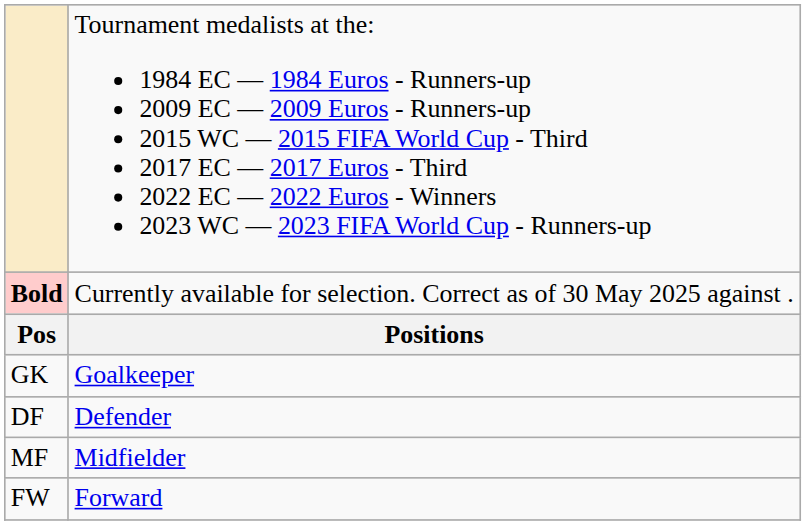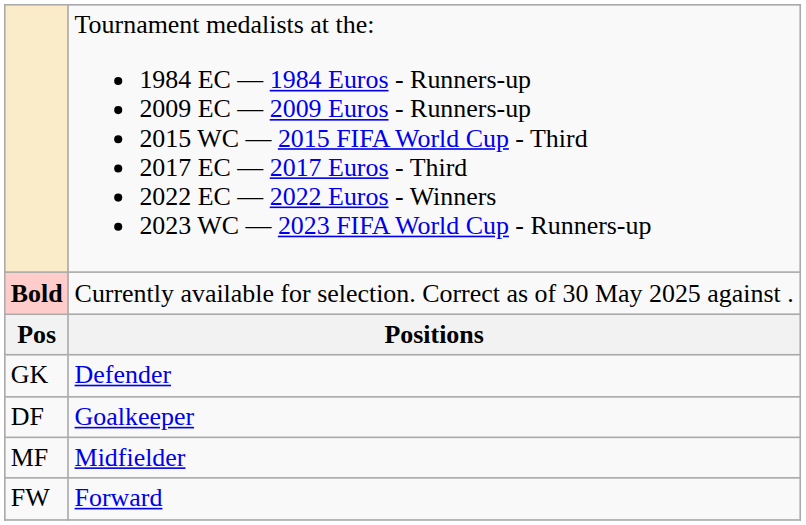 <table class="wikitable">
 <tr>
 <td style="background-color:#faecc8"></td>
 <td>Tournament medalists at the:<br><ul><li>1984 EC — <a href='#'>1984 Euros</a> -  Runners-up</li><li>2009 EC — <a href='#'>2009 Euros</a> -  Runners-up</li><li>2015 WC — <a href='#'>2015 FIFA World Cup</a> -  Third</li><li>2017 EC — <a href='#'>2017 Euros</a> -  Third</li><li>2022 EC — <a href='#'>2022 Euros</a> -  Winners</li><li>2023 WC — <a href='#'>2023 FIFA World Cup</a> -  Runners-up</li></ul></td>
 </tr>
 <tr>
 <td style="background-color:#FFCCCC"><strong>Bold</strong></td>
 <td>Currently available for selection. Correct as of 30 May 2025 against .</td>
 </tr>
 <tr>
 <th>Pos</th>
 <th style="align: left">Positions</th>
 </tr>
 <tr>
 <td>GK</td>
-<td><a href='#'>Goalkeeper</a></td>
+<td><a href='#'>Defender</a></td>
 </tr>
 <tr>
 <td>DF</td>
-<td><a href='#'>Defender</a></td>
+<td><a href='#'>Goalkeeper</a></td>
 </tr>
 <tr>
 <td>MF</td>
 <td><a href='#'>Midfielder</a></td>
 </tr>
 <tr>
 <td>FW</td>
 <td><a href='#'>Forward</a></td>
 </tr>
 </table>
